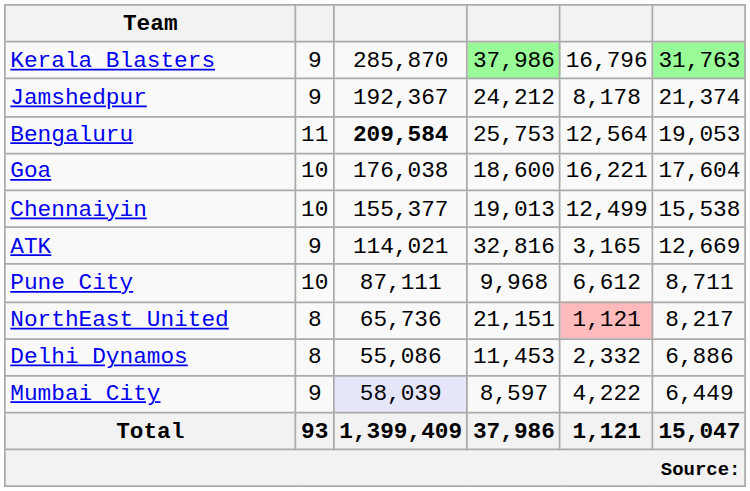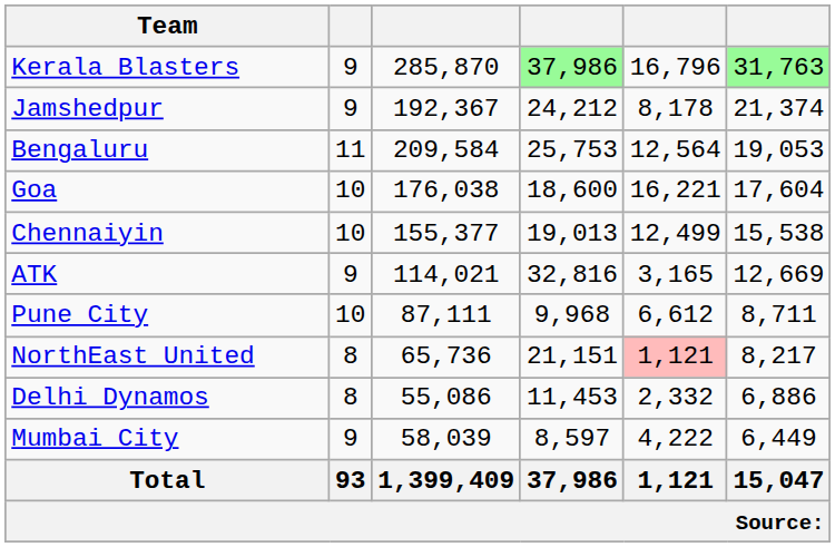 <table class="wikitable sortable">
 <tr>
 <th width=160>Team</th>
 <th></th>
 <th width=45></th>
 <th width=45></th>
 <th width=45></th>
 <th width=45></th>
 </tr>
 <tr>
 <td><a href='#'>Kerala Blasters</a></td>
 <td align=center>9</td>
 <td align=center>285,870</td>
 <td align=center bgcolor="#98FB98">37,986</td>
 <td align=center>16,796</td>
 <td align=center bgcolor="#98FB98">31,763<br></td>
 </tr>
 <tr>
 <td><a href='#'>Jamshedpur</a></td>
 <td align=center>9</td>
 <td align=center>192,367</td>
 <td align=center>24,212</td>
 <td align=center>8,178</td>
 <td align=center>21,374<br></td>
 </tr>
 <tr>
 <td><a href='#'>Bengaluru</a></td>
 <td align=center>11</td>
-<td align=center><strong>209,584</strong></td>
+<td align=center>209,584</td>
 <td align=center>25,753</td>
 <td align=center>12,564</td>
 <td align=center>19,053<br></td>
 </tr>
 <tr>
 <td><a href='#'>Goa</a></td>
 <td align=center>10</td>
 <td align=center>176,038</td>
 <td align=center>18,600</td>
 <td align=center>16,221</td>
 <td align=center>17,604<br></td>
 </tr>
 <tr>
 <td><a href='#'>Chennaiyin</a></td>
 <td align=center>10</td>
 <td align=center>155,377</td>
 <td align=center>19,013</td>
 <td align=center>12,499</td>
 <td align=center>15,538<br></td>
 </tr>
 <tr>
 <td><a href='#'>ATK</a></td>
 <td align=center>9</td>
 <td align=center>114,021</td>
 <td align=center>32,816</td>
 <td align=center>3,165</td>
 <td align=center>12,669<br></td>
 </tr>
 <tr>
 <td><a href='#'>Pune City</a></td>
 <td align=center>10</td>
 <td align=center>87,111</td>
 <td align=center>9,968</td>
 <td align=center>6,612</td>
 <td align=center>8,711<br></td>
 </tr>
 <tr>
 <td><a href='#'>NorthEast United</a></td>
 <td align=center>8</td>
 <td align=center>65,736</td>
 <td align=center>21,151</td>
 <td align=center bgcolor="#FFBBBB">1,121</td>
 <td align=center>8,217<br></td>
 </tr>
 <tr>
 <td><a href='#'>Delhi Dynamos</a></td>
 <td align=center>8</td>
 <td align=center>55,086</td>
 <td align=center>11,453</td>
 <td align=center>2,332</td>
 <td align=center>6,886<br></td>
 </tr>
 <tr>
 <td><a href='#'>Mumbai City</a></td>
 <td align=center>9</td>
-<td align=center style="background: lavender;">58,039</td>
+<td align=center>58,039</td>
 <td align=center>8,597</td>
 <td align=center>4,222</td>
 <td align=center>6,449<br></td>
 </tr>
 <tr>
 <th>Total</th>
 <th align=center>93</th>
 <th align=center>1,399,409</th>
 <th align=center>37,986</th>
 <th align=center>1,121</th>
 <th align=center>15,047</th>
 </tr>
 <tr>
 <th colspan="7" style="text-align:right;"><small>Source:</small></th>
 </tr>
 </table>
